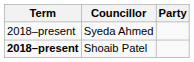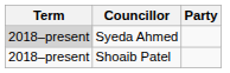 <table class="wikitable">
 <tr>
 <th>Term</th>
 <th>Councillor</th>
 <th colspan=2>Party</th>
 </tr>
 <tr>
-<td>2018–present</td>
+<td style="background: lightgrey;">2018–present</td>
 <td>Syeda Ahmed</td>
 <td></td>
 </tr>
 <tr>
-<td><strong>2018–present</strong></td>
+<td>2018–present</td>
 <td>Shoaib Patel</td>
 <td></td>
 </tr>
 </table>
